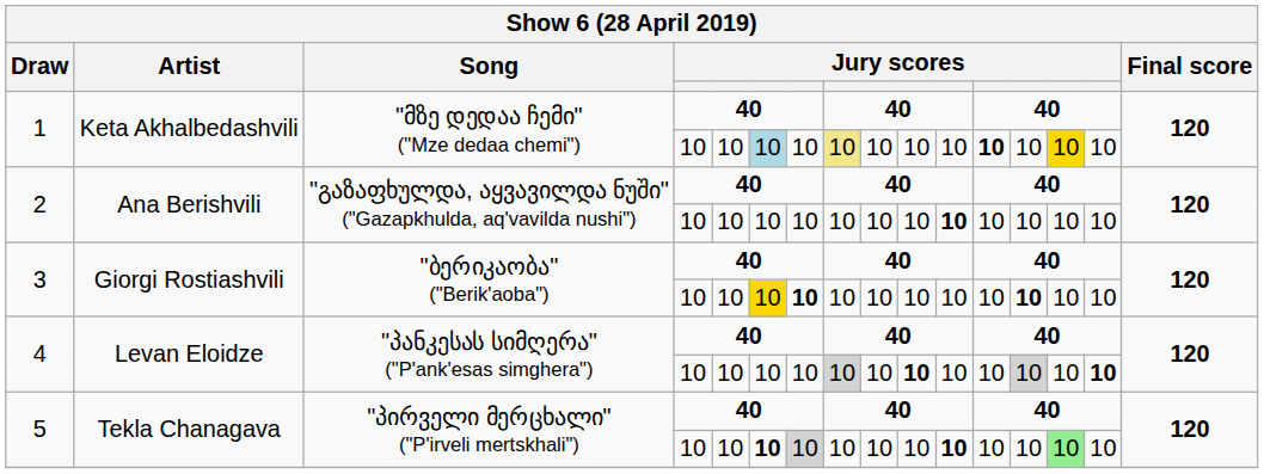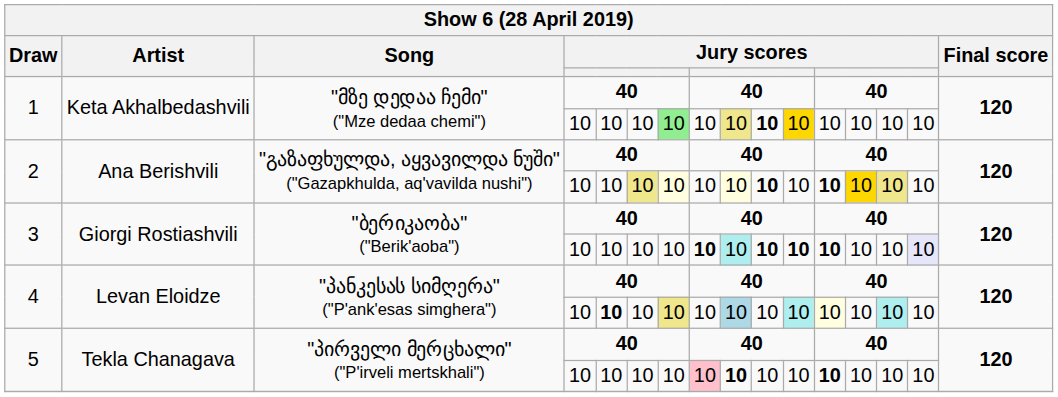 <table class="sortable wikitable" style="text-align:center;margin:1em auto 1em auto">
 <tr>
 <th colspan=16>Show 6 (28 April 2019)</th>
 </tr>
 <tr>
 <th rowspan="2">Draw</th>
 <th rowspan="2">Artist</th>
 <th rowspan="2">Song</th>
 <th colspan="12">Jury scores</th>
 <th rowspan="2">Final score</th>
 </tr>
 <tr>
 <th colspan="4"><small></small></th>
 <th colspan="4"><small></small></th>
 <th colspan="4"><small></small></th>
 </tr>
 <tr>
 <td rowspan=2>1</td>
 <td rowspan=2>Keta Akhalbedashvili</td>
 <td rowspan=2>"მზე დედაა ჩემი"<br><small>("Mze dedaa chemi")</small></td>
 <td colspan=4><strong>40</strong></td>
 <td colspan=4><strong>40</strong></td>
 <td colspan=4><strong>40</strong></td>
 <td rowspan=2><strong>120</strong></td>
 </tr>
 <tr>
 <td>10</td>
 <td>10</td>
-<td style="background: lightblue;">10</td>
+<td>10</td>
+<td style="background: lightgreen;">10</td>
 <td>10</td>
 <td style="background: khaki;">10</td>
+<td><strong>10</strong></td>
+<td style="background: gold;">10</td>
 <td>10</td>
 <td>10</td>
 <td>10</td>
-<td><strong>10</strong></td>
-<td>10</td>
-<td style="background: gold;">10</td>
 <td>10</td>
 </tr>
 <tr>
 <td rowspan=2>2</td>
 <td rowspan=2>Ana Berishvili</td>
 <td rowspan=2>"გაზაფხულდა, აყვავილდა ნუში"<br><small>("Gazapkhulda, aq'vavilda nushi")</small></td>
 <td colspan=4><strong>40</strong></td>
 <td colspan=4><strong>40</strong></td>
 <td colspan=4><strong>40</strong></td>
 <td rowspan=2><strong>120</strong></td>
 </tr>
 <tr>
 <td>10</td>
 <td>10</td>
+<td style="background: khaki;">10</td>
+<td style="background: lightyellow;">10</td>
 <td>10</td>
-<td>10</td>
-<td>10</td>
-<td>10</td>
+<td style="background: lightyellow;">10</td>
+<td><strong>10</strong></td>
 <td>10</td>
 <td><strong>10</strong></td>
-<td>10</td>
-<td>10</td>
-<td>10</td>
+<td style="background: gold;">10</td>
+<td style="background: khaki;">10</td>
 <td>10</td>
 </tr>
 <tr>
 <td rowspan=2>3</td>
 <td rowspan=2>Giorgi Rostiashvili</td>
 <td rowspan=2>"ბერიკაობა"<br><small>("Berik'aoba")</small></td>
 <td colspan=4><strong>40</strong></td>
 <td colspan=4><strong>40</strong></td>
 <td colspan=4><strong>40</strong></td>
 <td rowspan=2><strong>120</strong></td>
 </tr>
 <tr>
 <td>10</td>
 <td>10</td>
-<td style="background: gold;">10</td>
+<td>10</td>
+<td>10</td>
+<td><strong>10</strong></td>
+<td style="background: paleturquoise;">10</td>
+<td><strong>10</strong></td>
+<td><strong>10</strong></td>
 <td><strong>10</strong></td>
 <td>10</td>
 <td>10</td>
-<td>10</td>
-<td>10</td>
-<td>10</td>
-<td><strong>10</strong></td>
-<td>10</td>
-<td>10</td>
+<td style="background: lavender;">10</td>
 </tr>
 <tr>
 <td rowspan=2>4</td>
 <td rowspan=2>Levan Eloidze</td>
 <td rowspan=2>"პანკესას სიმღერა"<br><small>("P'ank'esas simghera")</small></td>
 <td colspan=4><strong>40</strong></td>
 <td colspan=4><strong>40</strong></td>
 <td colspan=4><strong>40</strong></td>
 <td rowspan=2><strong>120</strong></td>
 </tr>
 <tr>
 <td>10</td>
-<td>10</td>
-<td>10</td>
-<td>10</td>
-<td style="background: lightgrey;">10</td>
-<td>10</td>
 <td><strong>10</strong></td>
 <td>10</td>
+<td style="background: khaki;">10</td>
 <td>10</td>
-<td style="background: lightgrey;">10</td>
+<td style="background: lightblue;">10</td>
 <td>10</td>
-<td><strong>10</strong></td>
+<td style="background: paleturquoise;">10</td>
+<td style="background: lightyellow;">10</td>
+<td>10</td>
+<td style="background: paleturquoise;">10</td>
+<td>10</td>
 </tr>
 <tr>
 <td rowspan=2>5</td>
 <td rowspan=2>Tekla Chanagava</td>
 <td rowspan=2>"პირველი მერცხალი"<br><small>("P'irveli mertskhali")</small></td>
 <td colspan=4><strong>40</strong></td>
 <td colspan=4><strong>40</strong></td>
 <td colspan=4><strong>40</strong></td>
 <td rowspan=2><strong>120</strong></td>
 </tr>
 <tr>
 <td>10</td>
 <td>10</td>
+<td>10</td>
+<td>10</td>
+<td style="background: pink;">10</td>
 <td><strong>10</strong></td>
-<td style="background: lightgrey;">10</td>
-<td>10</td>
 <td>10</td>
 <td>10</td>
 <td><strong>10</strong></td>
 <td>10</td>
 <td>10</td>
-<td style="background: lightgreen;">10</td>
 <td>10</td>
 </tr>
 <tr>
 </tr>
 </table>
